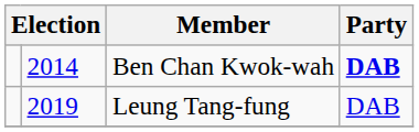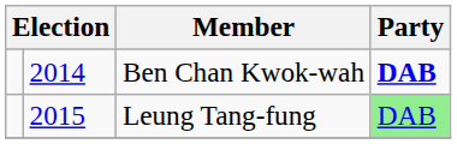 <table class="wikitable">
 <tr>
 <th colspan="2">Election</th>
 <th>Member</th>
 <th>Party</th>
 </tr>
 <tr>
 <td style="background-color:"></td>
 <td><a href='#'>2014</a></td>
 <td>Ben Chan Kwok-wah</td>
 <td><strong><a href='#'>DAB</a></strong></td>
 </tr>
 <tr>
 <td style="background-color:"></td>
-<td><a href='#'>2019</a></td>
+<td><a href='#'>2015</a></td>
 <td>Leung Tang-fung</td>
-<td><a href='#'>DAB</a></td>
+<td style="background: lightgreen;"><a href='#'>DAB</a></td>
 </tr>
 <tr>
 </tr>
 </table>
